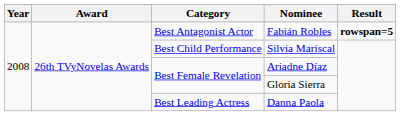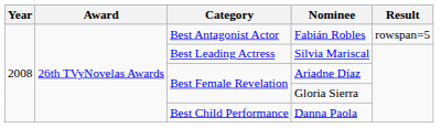 <table class="wikitable">
 <tr style="background:#b0c4de;">
 <th>Year</th>
 <th>Award</th>
 <th>Category</th>
 <th>Nominee</th>
 <th>Result</th>
 </tr>
 <tr>
 <td rowspan=5>2008</td>
 <td rowspan=5><a href='#'>26th TVyNovelas Awards</a></td>
 <td><a href='#'>Best Antagonist Actor</a></td>
 <td><a href='#'>Fabián Robles</a></td>
-<td><strong>rowspan=5 </strong></td>
+<td>rowspan=5 </td>
 </tr>
 <tr>
-<td><a href='#'>Best Child Performance</a></td>
+<td><a href='#'>Best Leading Actress</a></td>
 <td><a href='#'>Silvia Mariscal</a></td>
 </tr>
 <tr>
 <td rowspan=2><a href='#'>Best Female Revelation</a></td>
 <td><a href='#'>Ariadne Díaz</a></td>
 </tr>
 <tr>
 <td>Gloria Sierra</td>
 </tr>
 <tr>
-<td><a href='#'>Best Leading Actress</a></td>
+<td><a href='#'>Best Child Performance</a></td>
 <td><a href='#'>Danna Paola</a></td>
 </tr>
 </table>
